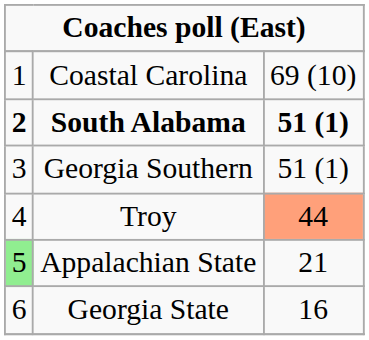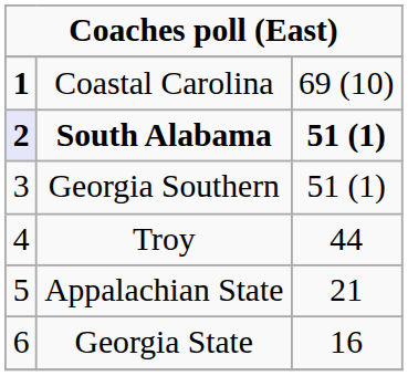 <table class="wikitable">
 <tr align="center">
 <td align="center" Colspan="3"><strong>Coaches poll (East)</strong></td>
 </tr>
 <tr align="center">
 </tr>
 <tr align="center">
-<td>1</td>
+<td><strong>1</strong></td>
 <td>Coastal Carolina</td>
 <td>69 (10)</td>
 </tr>
 <tr align="center">
-<td><strong>2</strong></td>
+<td style="background: lavender;"><strong>2</strong></td>
 <td><strong>South Alabama</strong></td>
 <td><strong>51 (1)</strong></td>
 </tr>
 <tr align="center">
 <td>3</td>
 <td>Georgia Southern</td>
 <td>51 (1)</td>
 </tr>
 <tr align="center">
 <td>4</td>
 <td>Troy</td>
-<td style="background: lightsalmon;">44</td>
+<td>44</td>
 </tr>
 <tr align="center">
-<td style="background: lightgreen;">5</td>
+<td>5</td>
 <td>Appalachian State</td>
 <td>21</td>
 </tr>
 <tr align="center">
 <td>6</td>
 <td>Georgia State</td>
 <td>16</td>
 </tr>
 <tr align="center">
 </tr>
 </table>
